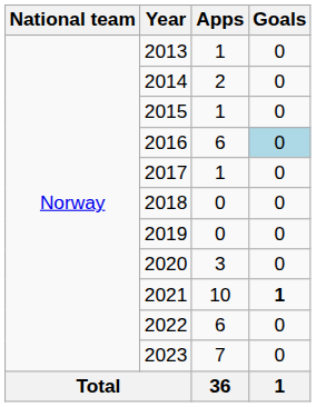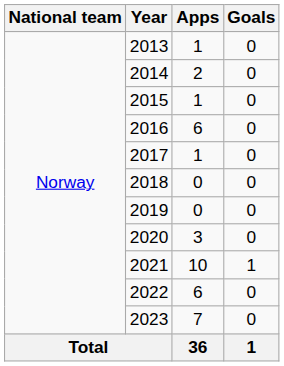 <table class="wikitable" style="text-align:center">
 <tr>
 <th>National team</th>
 <th>Year</th>
 <th>Apps</th>
 <th>Goals</th>
 </tr>
 <tr>
 <td rowspan="11"><a href='#'>Norway</a></td>
 <td>2013</td>
 <td>1</td>
 <td>0</td>
 </tr>
 <tr>
 <td>2014</td>
 <td>2</td>
 <td>0</td>
 </tr>
 <tr>
 <td>2015</td>
 <td>1</td>
 <td>0</td>
 </tr>
 <tr>
 <td>2016</td>
 <td>6</td>
-<td style="background: lightblue;">0</td>
+<td>0</td>
 </tr>
 <tr>
 <td>2017</td>
 <td>1</td>
 <td>0</td>
 </tr>
 <tr>
 <td>2018</td>
 <td>0</td>
 <td>0</td>
 </tr>
 <tr>
 <td>2019</td>
 <td>0</td>
 <td>0</td>
 </tr>
 <tr>
 <td>2020</td>
 <td>3</td>
 <td>0</td>
 </tr>
 <tr>
 <td>2021</td>
 <td>10</td>
-<td><strong>1</strong></td>
+<td>1</td>
 </tr>
 <tr>
 <td>2022</td>
 <td>6</td>
 <td>0</td>
 </tr>
 <tr>
 <td>2023</td>
 <td>7</td>
 <td>0</td>
 </tr>
 <tr>
 <th colspan="2">Total</th>
 <th>36</th>
 <th>1</th>
 </tr>
 </table>
